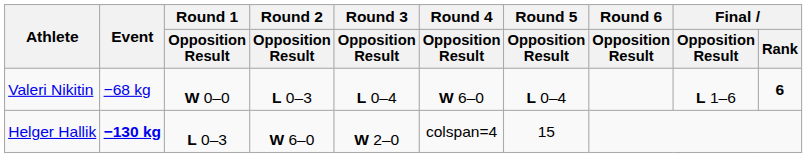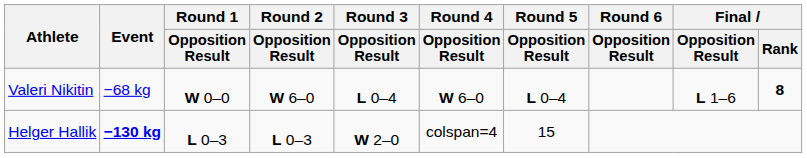 <table class="wikitable" style="font-size:90%">
 <tr>
 <th rowspan="2">Athlete</th>
 <th rowspan="2">Event</th>
 <th>Round 1</th>
 <th>Round 2</th>
 <th>Round 3</th>
 <th>Round 4</th>
 <th>Round 5</th>
 <th>Round 6</th>
 <th colspan=2>Final / </th>
 </tr>
 <tr style="font-size: 95%">
 <th>Opposition<br>Result</th>
 <th>Opposition<br>Result</th>
 <th>Opposition<br>Result</th>
 <th>Opposition<br>Result</th>
 <th>Opposition<br>Result</th>
 <th>Opposition<br>Result</th>
 <th>Opposition<br>Result</th>
 <th>Rank</th>
 </tr>
 <tr align=center>
 <td align=left><a href='#'>Valeri Nikitin</a></td>
 <td align=left><a href='#'>−68 kg</a></td>
 <td><br><strong>W</strong> 0–0</td>
-<td><br><strong>L</strong> 0–3</td>
+<td><br><strong>W</strong> 6–0</td>
 <td><br><strong>L</strong> 0–4</td>
 <td><br><strong>W</strong> 6–0</td>
 <td><br><strong>L</strong> 0–4</td>
 <td></td>
 <td><br><strong>L</strong> 1–6</td>
-<td><strong>6</strong></td>
+<td><strong>8</strong></td>
 </tr>
 <tr align=center>
 <td align=left><a href='#'>Helger Hallik</a></td>
 <td align=left><strong><a href='#'>−130 kg</a></strong></td>
 <td><br><strong>L</strong> 0–3</td>
-<td><br><strong>W</strong> 6–0</td>
+<td><br><strong>L</strong> 0–3</td>
 <td><br><strong>W</strong> 2–0</td>
 <td>colspan=4 </td>
 <td>15</td>
 </tr>
 </table>
